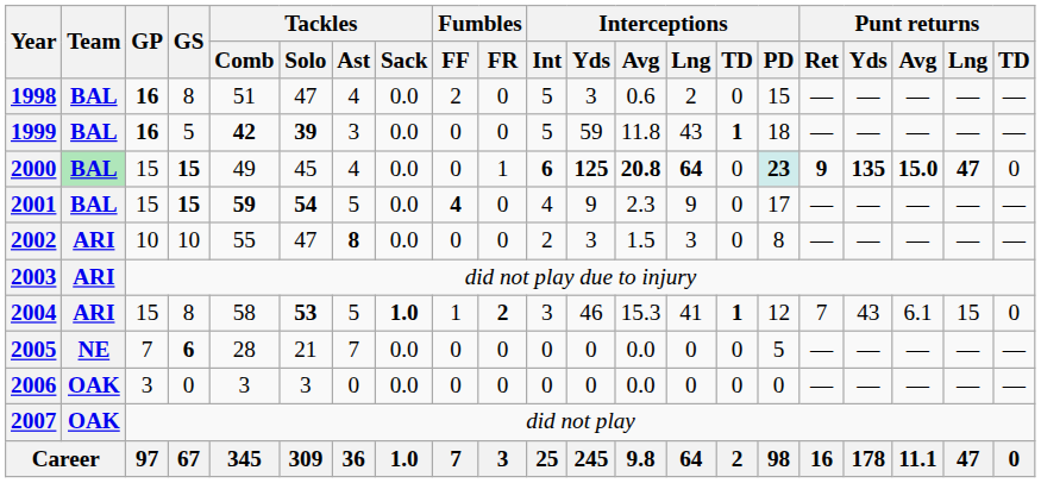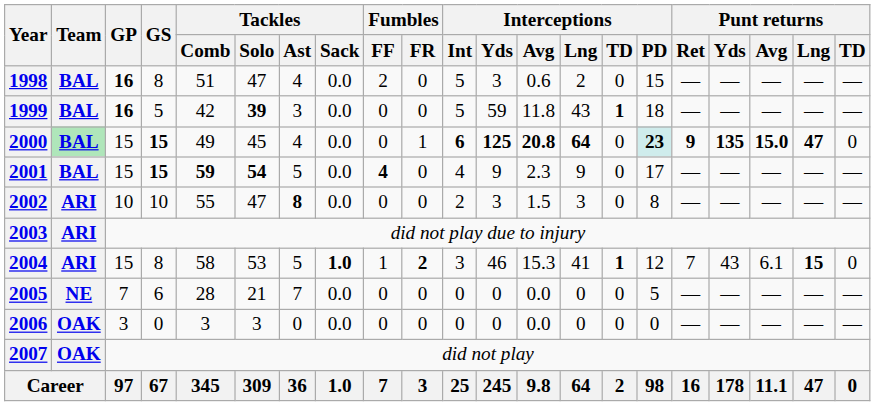 <table class="wikitable" style="text-align:center">
 <tr>
 <th rowspan="2">Year</th>
 <th rowspan="2">Team</th>
 <th rowspan="2">GP</th>
 <th rowspan="2">GS</th>
 <th colspan="4">Tackles</th>
 <th colspan="2">Fumbles</th>
 <th colspan="6">Interceptions</th>
 <th colspan="6">Punt returns</th>
 </tr>
 <tr>
 <th>Comb</th>
 <th>Solo</th>
 <th>Ast</th>
 <th>Sack</th>
 <th>FF</th>
 <th>FR</th>
 <th>Int</th>
 <th>Yds</th>
 <th>Avg</th>
 <th>Lng</th>
 <th>TD</th>
 <th>PD</th>
 <th>Ret</th>
 <th>Yds</th>
 <th>Avg</th>
 <th>Lng</th>
 <th>TD</th>
 </tr>
 <tr>
 <th><a href='#'>1998</a></th>
 <th><a href='#'>BAL</a></th>
 <td><strong>16</strong></td>
 <td>8</td>
 <td>51</td>
 <td>47</td>
 <td>4</td>
 <td>0.0</td>
 <td>2</td>
 <td>0</td>
 <td>5</td>
 <td>3</td>
 <td>0.6</td>
 <td>2</td>
 <td>0</td>
 <td>15</td>
 <td>—</td>
 <td>—</td>
 <td>—</td>
 <td>—</td>
 <td>—</td>
 </tr>
 <tr>
 <th><a href='#'>1999</a></th>
 <th><a href='#'>BAL</a></th>
 <td><strong>16</strong></td>
 <td>5</td>
-<td><strong>42</strong></td>
+<td>42</td>
 <td><strong>39</strong></td>
 <td>3</td>
 <td>0.0</td>
 <td>0</td>
 <td>0</td>
 <td>5</td>
 <td>59</td>
 <td>11.8</td>
 <td>43</td>
 <td><strong>1</strong></td>
 <td>18</td>
 <td>—</td>
 <td>—</td>
 <td>—</td>
 <td>—</td>
 <td>—</td>
 </tr>
 <tr>
 <th><a href='#'>2000</a></th>
 <th style="background:#afe6ba;"><a href='#'>BAL</a></th>
 <td>15</td>
 <td><strong>15</strong></td>
 <td>49</td>
 <td>45</td>
 <td>4</td>
 <td>0.0</td>
 <td>0</td>
 <td>1</td>
 <td><strong>6</strong></td>
 <td><strong>125</strong></td>
 <td><strong>20.8</strong></td>
 <td><strong>64</strong></td>
 <td>0</td>
 <td style="background:#cfecec"><strong>23</strong></td>
 <td><strong>9</strong></td>
 <td><strong>135</strong></td>
 <td><strong>15.0</strong></td>
 <td><strong>47</strong></td>
 <td>0</td>
 </tr>
 <tr>
 <th><a href='#'>2001</a></th>
 <th><a href='#'>BAL</a></th>
 <td>15</td>
 <td><strong>15</strong></td>
 <td><strong>59</strong></td>
 <td><strong>54</strong></td>
 <td>5</td>
 <td>0.0</td>
 <td><strong>4</strong></td>
 <td>0</td>
 <td>4</td>
 <td>9</td>
 <td>2.3</td>
 <td>9</td>
 <td>0</td>
 <td>17</td>
 <td>—</td>
 <td>—</td>
 <td>—</td>
 <td>—</td>
 <td>—</td>
 </tr>
 <tr>
 <th><a href='#'>2002</a></th>
 <th><a href='#'>ARI</a></th>
 <td>10</td>
 <td>10</td>
 <td>55</td>
 <td>47</td>
 <td><strong>8</strong></td>
 <td>0.0</td>
 <td>0</td>
 <td>0</td>
 <td>2</td>
 <td>3</td>
 <td>1.5</td>
 <td>3</td>
 <td>0</td>
 <td>8</td>
 <td>—</td>
 <td>—</td>
 <td>—</td>
 <td>—</td>
 <td>—</td>
 </tr>
 <tr>
 <th><a href='#'>2003</a></th>
 <th><a href='#'>ARI</a></th>
 <td colspan="19"><em>did not play due to injury</em></td>
 </tr>
 <tr>
 <th><a href='#'>2004</a></th>
 <th><a href='#'>ARI</a></th>
 <td>15</td>
 <td>8</td>
 <td>58</td>
-<td><strong>53</strong></td>
+<td>53</td>
 <td>5</td>
 <td><strong>1.0</strong></td>
 <td>1</td>
 <td><strong>2</strong></td>
 <td>3</td>
 <td>46</td>
 <td>15.3</td>
 <td>41</td>
 <td><strong>1</strong></td>
 <td>12</td>
 <td>7</td>
 <td>43</td>
 <td>6.1</td>
-<td>15</td>
+<td><strong>15</strong></td>
 <td>0</td>
 </tr>
 <tr>
 <th><a href='#'>2005</a></th>
 <th><a href='#'>NE</a></th>
 <td>7</td>
-<td><strong>6</strong></td>
+<td>6</td>
 <td>28</td>
 <td>21</td>
 <td>7</td>
 <td>0.0</td>
 <td>0</td>
 <td>0</td>
 <td>0</td>
 <td>0</td>
 <td>0.0</td>
 <td>0</td>
 <td>0</td>
 <td>5</td>
 <td>—</td>
 <td>—</td>
 <td>—</td>
 <td>—</td>
 <td>—</td>
 </tr>
 <tr>
 <th><a href='#'>2006</a></th>
 <th><a href='#'>OAK</a></th>
 <td>3</td>
 <td>0</td>
 <td>3</td>
 <td>3</td>
 <td>0</td>
 <td>0.0</td>
 <td>0</td>
 <td>0</td>
 <td>0</td>
 <td>0</td>
 <td>0.0</td>
 <td>0</td>
 <td>0</td>
 <td>0</td>
 <td>—</td>
 <td>—</td>
 <td>—</td>
 <td>—</td>
 <td>—</td>
 </tr>
 <tr>
 <th><a href='#'>2007</a></th>
 <th><a href='#'>OAK</a></th>
 <td colspan="19"><em>did not play</em></td>
 </tr>
 <tr>
 <th colspan="2">Career</th>
 <th>97</th>
 <th>67</th>
 <th>345</th>
 <th>309</th>
 <th>36</th>
 <th>1.0</th>
 <th>7</th>
 <th>3</th>
 <th>25</th>
 <th>245</th>
 <th>9.8</th>
 <th>64</th>
 <th>2</th>
 <th>98</th>
 <th>16</th>
 <th>178</th>
 <th>11.1</th>
 <th>47</th>
 <th>0</th>
 </tr>
 </table>
